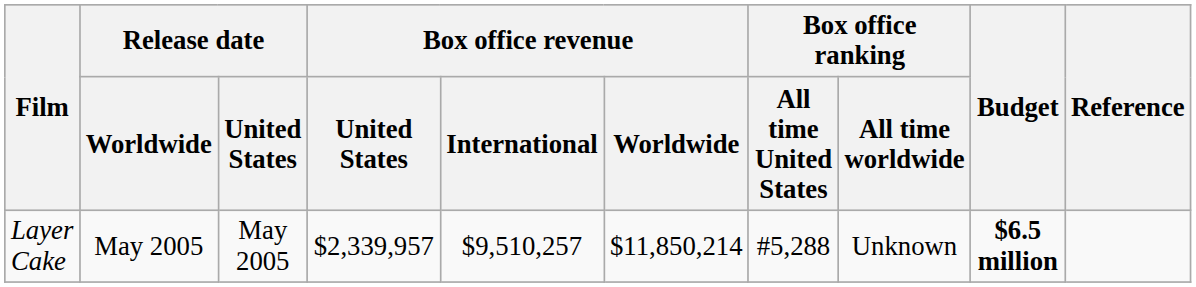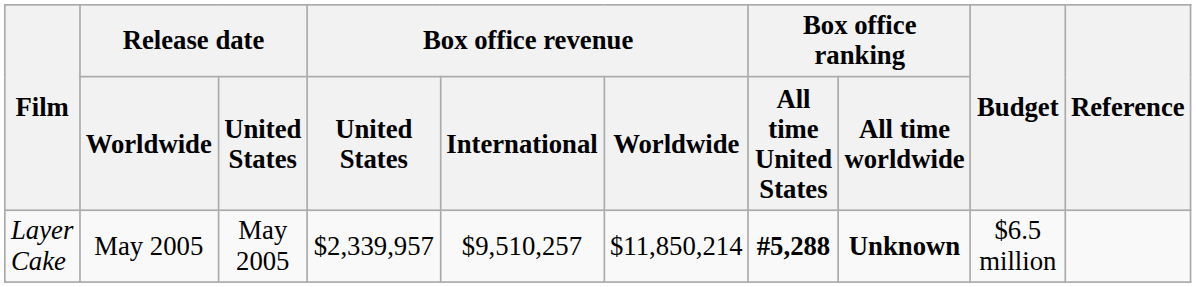 <table class="wikitable" style="width:100%;">
 <tr>
 <th rowspan="2">Film</th>
 <th colspan="2">Release date</th>
 <th colspan="3">Box office revenue</th>
 <th colspan="2" text="wrap">Box office ranking</th>
 <th rowspan="2" style="text-align:center;">Budget</th>
 <th rowspan="2" style="text-align:center;">Reference</th>
 </tr>
 <tr>
 <th>Worldwide</th>
 <th>United States</th>
 <th>United States</th>
 <th>International</th>
 <th>Worldwide</th>
 <th>All time United States</th>
 <th>All time worldwide</th>
 </tr>
 <tr>
 <td><em>Layer Cake</em></td>
 <td style="text-align:center;">May 2005</td>
 <td style="text-align:center;">May 2005</td>
 <td style="text-align:center;">$2,339,957</td>
 <td style="text-align:center;">$9,510,257</td>
 <td style="text-align:center;">$11,850,214</td>
-<td style="text-align:center;">#5,288</td>
-<td style="text-align:center;">Unknown</td>
-<td style="text-align:center;"><strong>$6.5 million</strong></td>
+<td style="text-align:center;"><strong>#5,288</strong></td>
+<td style="text-align:center;"><strong>Unknown</strong></td>
+<td style="text-align:center;">$6.5 million</td>
 <td style="text-align:center;"></td>
 </tr>
 </table>
